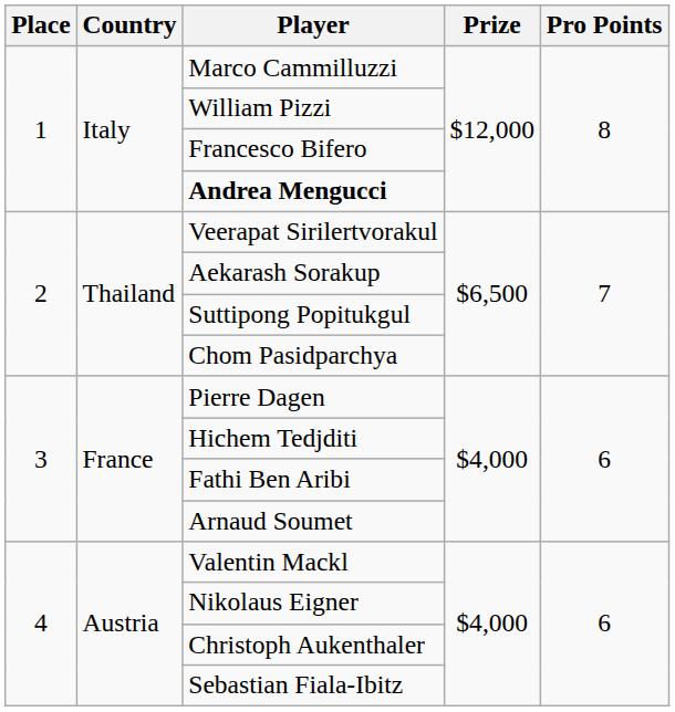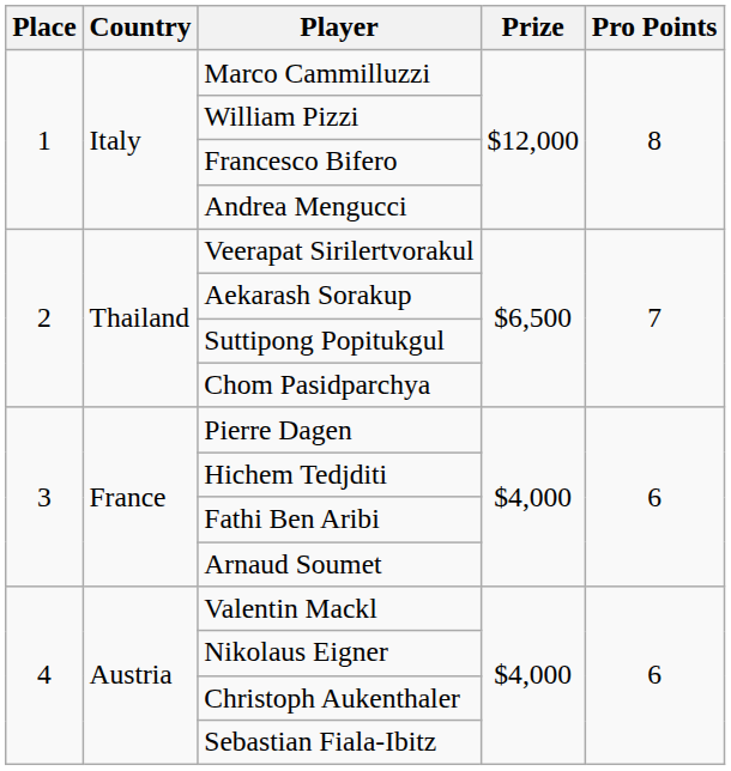 <table class="wikitable">
 <tr>
 <th>Place</th>
 <th>Country</th>
 <th>Player</th>
 <th>Prize</th>
 <th>Pro Points</th>
 </tr>
 <tr>
 <td rowspan="4" align=center>1</td>
 <td rowspan="4"> Italy</td>
 <td>Marco Cammilluzzi</td>
 <td rowspan="4" align=center>$12,000</td>
 <td rowspan="4" align=center>8</td>
 </tr>
 <tr>
 <td>William Pizzi</td>
 </tr>
 <tr>
 <td>Francesco Bifero</td>
 </tr>
 <tr>
-<td><strong>Andrea Mengucci</strong></td>
+<td>Andrea Mengucci</td>
 </tr>
 <tr>
 <td rowspan="4" align=center>2</td>
 <td rowspan="4"> Thailand</td>
 <td>Veerapat Sirilertvorakul</td>
 <td rowspan="4" align=center>$6,500</td>
 <td rowspan="4" align=center>7</td>
 </tr>
 <tr>
 <td>Aekarash Sorakup</td>
 </tr>
 <tr>
 <td>Suttipong Popitukgul</td>
 </tr>
 <tr>
 <td>Chom Pasidparchya</td>
 </tr>
 <tr>
 <td rowspan="4" align=center>3</td>
 <td rowspan="4"> France</td>
 <td>Pierre Dagen</td>
 <td rowspan="4" align=center>$4,000</td>
 <td rowspan="4" align=center>6</td>
 </tr>
 <tr>
 <td>Hichem Tedjditi</td>
 </tr>
 <tr>
 <td>Fathi Ben Aribi</td>
 </tr>
 <tr>
 <td>Arnaud Soumet</td>
 </tr>
 <tr>
 <td rowspan="4" align=center>4</td>
 <td rowspan="4"> Austria</td>
 <td>Valentin Mackl</td>
 <td rowspan="4" align=center>$4,000</td>
 <td rowspan="4" align=center>6</td>
 </tr>
 <tr>
 <td>Nikolaus Eigner</td>
 </tr>
 <tr>
 <td>Christoph Aukenthaler</td>
 </tr>
 <tr>
 <td>Sebastian Fiala-Ibitz</td>
 </tr>
 </table>
